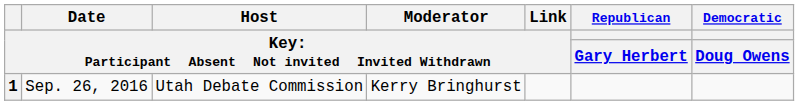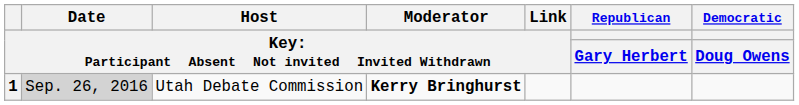 <table class="wikitable" style="text-align:center;">
 <tr>
 <th scope="col"></th>
 <th scope="col">Date</th>
 <th scope="col">Host</th>
 <th scope="col">Moderator</th>
 <th scope="col">Link</th>
 <th scope="col"><small><a href='#'>Republican</a></small></th>
 <th scope="col"><small><a href='#'>Democratic</a></small></th>
 </tr>
 <tr>
 <th colspan="5" rowspan="2">Key:<br> <small>Participant </small>  <small>Absent </small>  <small>Not invited </small>  <small>Invited  Withdrawn</small></th>
 <th scope="col" style="background:"></th>
 <th scope="col" style="background:"></th>
 </tr>
 <tr>
 <th scope="col"><a href='#'>Gary Herbert</a></th>
 <th scope="col"><a href='#'>Doug Owens</a></th>
 </tr>
 <tr>
 <th>1</th>
-<td style="white-space:nowrap;">Sep. 26, 2016</td>
+<td style="background: lightgrey; white-space:nowrap;">Sep. 26, 2016</td>
 <td style="white-space:nowrap;">Utah Debate Commission</td>
-<td style="white-space:nowrap;">Kerry Bringhurst</td>
+<td style="white-space:nowrap;"><strong>Kerry Bringhurst</strong></td>
 <td style="white-space:nowrap;"></td>
 <td></td>
 <td></td>
 </tr>
 </table>
